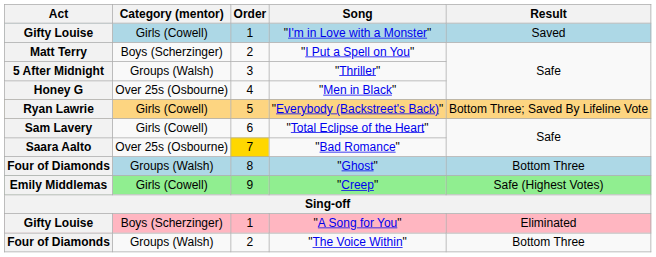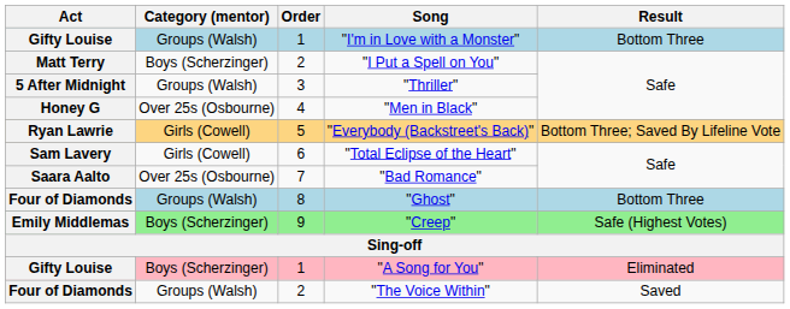 <table class="wikitable plainrowheaders" style="text-align:center;">
 <tr>
 <th scope="col">Act</th>
 <th scope="col">Category (mentor)</th>
 <th scope="col">Order</th>
 <th scope="col">Song</th>
 <th scope="col">Result</th>
 </tr>
 <tr style="background:lightblue;">
 <th scope="row">Gifty Louise</th>
-<td>Girls (Cowell)</td>
+<td>Groups (Walsh)</td>
 <td>1</td>
 <td>"<a href='#'>I'm in Love with a Monster</a>"</td>
-<td>Saved</td>
+<td>Bottom Three</td>
 </tr>
 <tr>
 <th scope="row">Matt Terry</th>
 <td>Boys (Scherzinger)</td>
 <td>2</td>
 <td>"<a href='#'>I Put a Spell on You</a>"</td>
 <td rowspan=3>Safe</td>
 </tr>
 <tr>
 <th scope="row">5 After Midnight</th>
 <td>Groups (Walsh)</td>
 <td>3</td>
 <td>"<a href='#'>Thriller</a>"</td>
 </tr>
 <tr>
 <th scope="row">Honey G</th>
 <td>Over 25s (Osbourne)</td>
 <td>4</td>
 <td>"<a href='#'>Men in Black</a>"</td>
 </tr>
 <tr style="background:#fdd581;">
 <th scope="row">Ryan Lawrie</th>
 <td>Girls (Cowell)</td>
 <td>5</td>
 <td>"<a href='#'>Everybody (Backstreet's Back)</a>"</td>
 <td>Bottom Three; Saved By Lifeline Vote</td>
 </tr>
 <tr>
 <th scope="row">Sam Lavery</th>
 <td>Girls (Cowell)</td>
 <td>6</td>
 <td>"<a href='#'>Total Eclipse of the Heart</a>"</td>
 <td rowspan=2>Safe</td>
 </tr>
 <tr>
 <th scope="row">Saara Aalto</th>
 <td>Over 25s (Osbourne)</td>
-<td style="background: gold;">7</td>
+<td>7</td>
 <td>"<a href='#'>Bad Romance</a>"</td>
 </tr>
 <tr style="background:lightblue;">
 <th scope="row">Four of Diamonds</th>
 <td>Groups (Walsh)</td>
 <td>8</td>
 <td>"<a href='#'>Ghost</a>"</td>
 <td>Bottom Three</td>
 </tr>
 <tr style="background:lightgreen;">
 <th scope="row">Emily Middlemas</th>
-<td>Girls (Cowell)</td>
+<td>Boys (Scherzinger)</td>
 <td>9</td>
 <td>"<a href='#'>Creep</a>"</td>
 <td>Safe (Highest Votes)</td>
 </tr>
 <tr>
 <th colspan="5">Sing-off</th>
 </tr>
 <tr style="background:lightpink;">
 <th scope="row">Gifty Louise</th>
 <td>Boys (Scherzinger)</td>
 <td>1</td>
 <td>"<a href='#'>A Song for You</a>"</td>
 <td>Eliminated</td>
 </tr>
 <tr>
 <th scope="row">Four of Diamonds</th>
 <td>Groups (Walsh)</td>
 <td>2</td>
 <td>"<a href='#'>The Voice Within</a>"</td>
-<td>Bottom Three</td>
+<td>Saved</td>
 </tr>
 </table>
